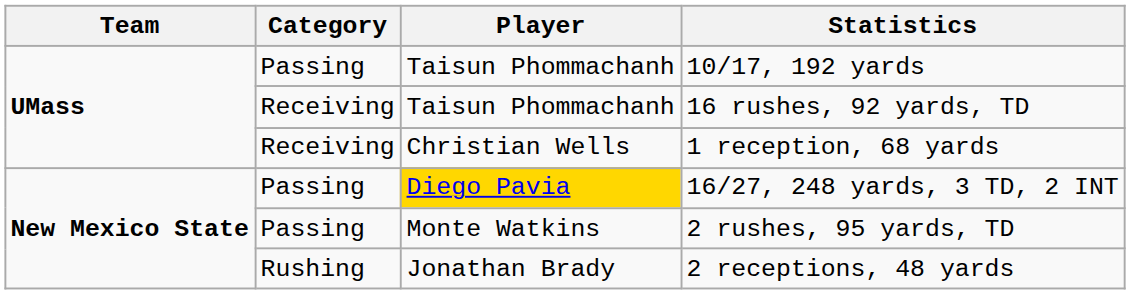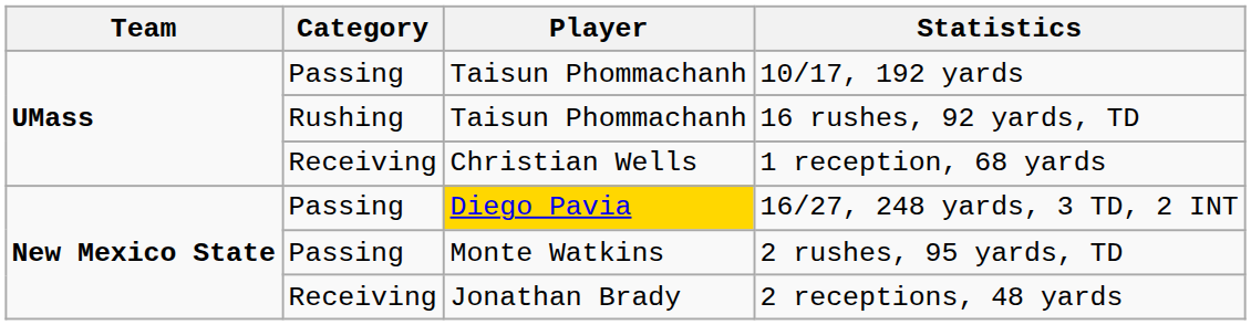 <table class="wikitable" style="float: right;">
 <tr>
 <th>Team</th>
 <th>Category</th>
 <th>Player</th>
 <th>Statistics</th>
 </tr>
 <tr>
 <td rowspan=3><strong>UMass</strong></td>
 <td>Passing</td>
 <td>Taisun Phommachanh</td>
 <td>10/17, 192 yards</td>
 </tr>
 <tr>
-<td>Receiving</td>
+<td>Rushing</td>
 <td>Taisun Phommachanh</td>
 <td>16 rushes, 92 yards, TD</td>
 </tr>
 <tr>
 <td>Receiving</td>
 <td>Christian Wells</td>
 <td>1 reception, 68 yards</td>
 </tr>
 <tr>
 <td rowspan=3><strong>New Mexico State</strong></td>
 <td>Passing</td>
 <td style="background: gold;"><a href='#'>Diego Pavia</a></td>
 <td>16/27, 248 yards, 3 TD, 2 INT</td>
 </tr>
 <tr>
 <td>Passing</td>
 <td>Monte Watkins</td>
 <td>2 rushes, 95 yards, TD</td>
 </tr>
 <tr>
-<td>Rushing</td>
+<td>Receiving</td>
 <td>Jonathan Brady</td>
 <td>2 receptions, 48 yards</td>
 </tr>
 </table>
